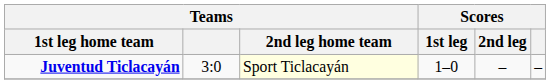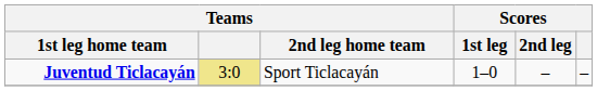 <table class="wikitable" style="text-align: center;">
 <tr>
 <th colspan=3>Teams</th>
 <th colspan=3>Scores</th>
 </tr>
 <tr>
 <th width="175">1st leg home team</th>
 <th width="50"></th>
 <th width="175">2nd leg home team</th>
 <th width="50">1st leg</th>
 <th width="50">2nd leg</th>
 <th></th>
 </tr>
 <tr>
 <td align=right><strong><a href='#'>Juventud Ticlacayán</a></strong></td>
-<td>3:0</td>
-<td align=left style="background: lightyellow;">Sport Ticlacayán</td>
+<td style="background: khaki;">3:0</td>
+<td align=left>Sport Ticlacayán</td>
 <td>1–0</td>
 <td>–</td>
 <td>–</td>
 </tr>
 <tr>
 </tr>
 </table>
